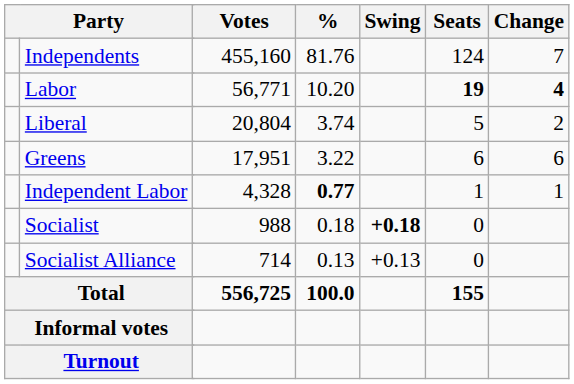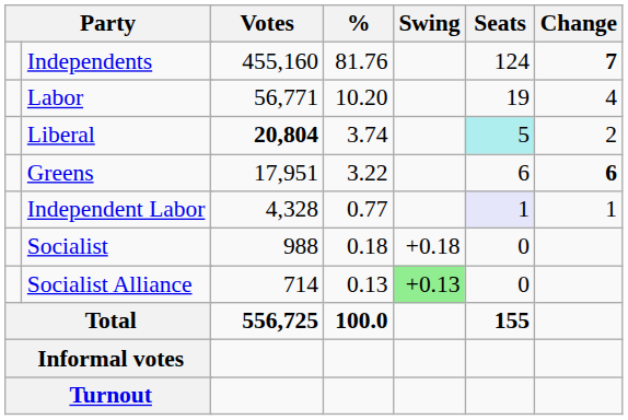 <table class="wikitable" style="text-align:right; margin-bottom:0">
 <tr>
 <th style="width:10px;" colspan=3>Party</th>
 <th style="width:70px;">Votes</th>
 <th style="width:40px;">%</th>
 <th style="width:40px;">Swing</th>
 <th style="width:40px;">Seats</th>
 <th style="width:40px;">Change</th>
 </tr>
 <tr>
 <td> </td>
 <td style="text-align:left;" colspan="2"><a href='#'>Independents</a></td>
 <td>455,160</td>
 <td>81.76</td>
 <td></td>
 <td>124</td>
-<td> 7</td>
+<td><strong> 7</strong></td>
 </tr>
 <tr>
 <td> </td>
 <td style="text-align:left;" colspan="2"><a href='#'>Labor</a></td>
 <td>56,771</td>
 <td>10.20</td>
 <td></td>
-<td><strong>19</strong></td>
-<td><strong> 4</strong></td>
+<td>19</td>
+<td> 4</td>
 </tr>
 <tr>
 <td> </td>
 <td style="text-align:left;" colspan="2"><a href='#'>Liberal</a></td>
-<td>20,804</td>
+<td><strong>20,804</strong></td>
 <td>3.74</td>
 <td></td>
-<td>5</td>
+<td style="background: paleturquoise;">5</td>
 <td> 2</td>
 </tr>
 <tr>
 <td> </td>
 <td style="text-align:left;" colspan="2"><a href='#'>Greens</a></td>
 <td>17,951</td>
 <td>3.22</td>
 <td></td>
 <td>6</td>
-<td> 6</td>
+<td><strong> 6</strong></td>
 </tr>
 <tr>
 <td> </td>
 <td style="text-align:left;" colspan="2"><a href='#'>Independent Labor</a></td>
 <td>4,328</td>
-<td><strong>0.77</strong></td>
+<td>0.77</td>
 <td></td>
-<td>1</td>
+<td style="background: lavender;">1</td>
 <td> 1</td>
 </tr>
 <tr>
 <td> </td>
 <td style="text-align:left;" colspan="2"><a href='#'>Socialist</a></td>
 <td>988</td>
 <td>0.18</td>
-<td><strong>+0.18</strong></td>
+<td>+0.18</td>
 <td>0</td>
 <td></td>
 </tr>
 <tr>
 <td> </td>
 <td style="text-align:left;" colspan="2"><a href='#'>Socialist Alliance</a></td>
 <td>714</td>
 <td>0.13</td>
-<td>+0.13</td>
+<td style="background: lightgreen;">+0.13</td>
 <td>0</td>
 <td></td>
 </tr>
 <tr>
 <th colspan="3"> Total</th>
 <td><strong>556,725</strong></td>
 <td><strong>100.0</strong></td>
 <td></td>
 <td><strong>155</strong></td>
 <td></td>
 </tr>
 <tr>
 <th colspan="3"> Informal votes</th>
 <td></td>
 <td></td>
 <td></td>
 <td></td>
 <td></td>
 </tr>
 <tr>
 <th colspan="3"> <a href='#'>Turnout</a></th>
 <td></td>
 <td></td>
 <td></td>
 <td></td>
 <td></td>
 </tr>
 </table>
